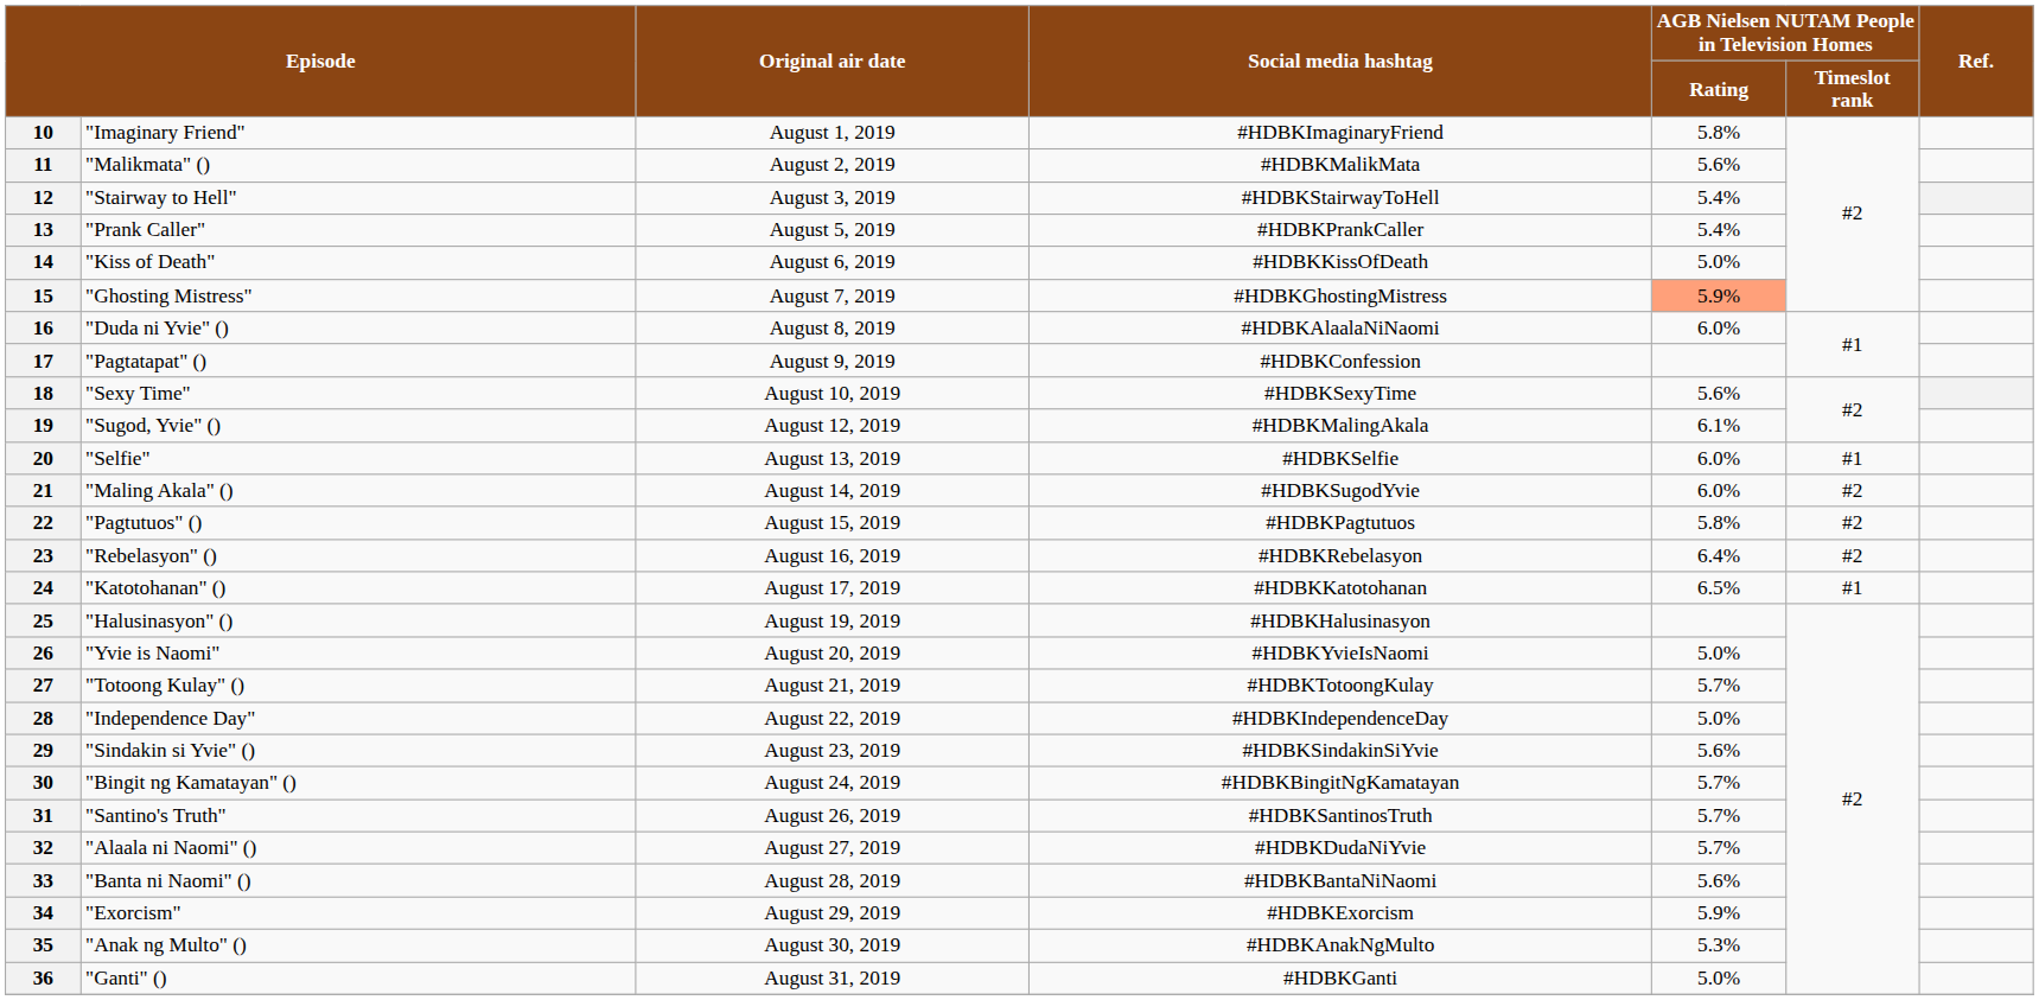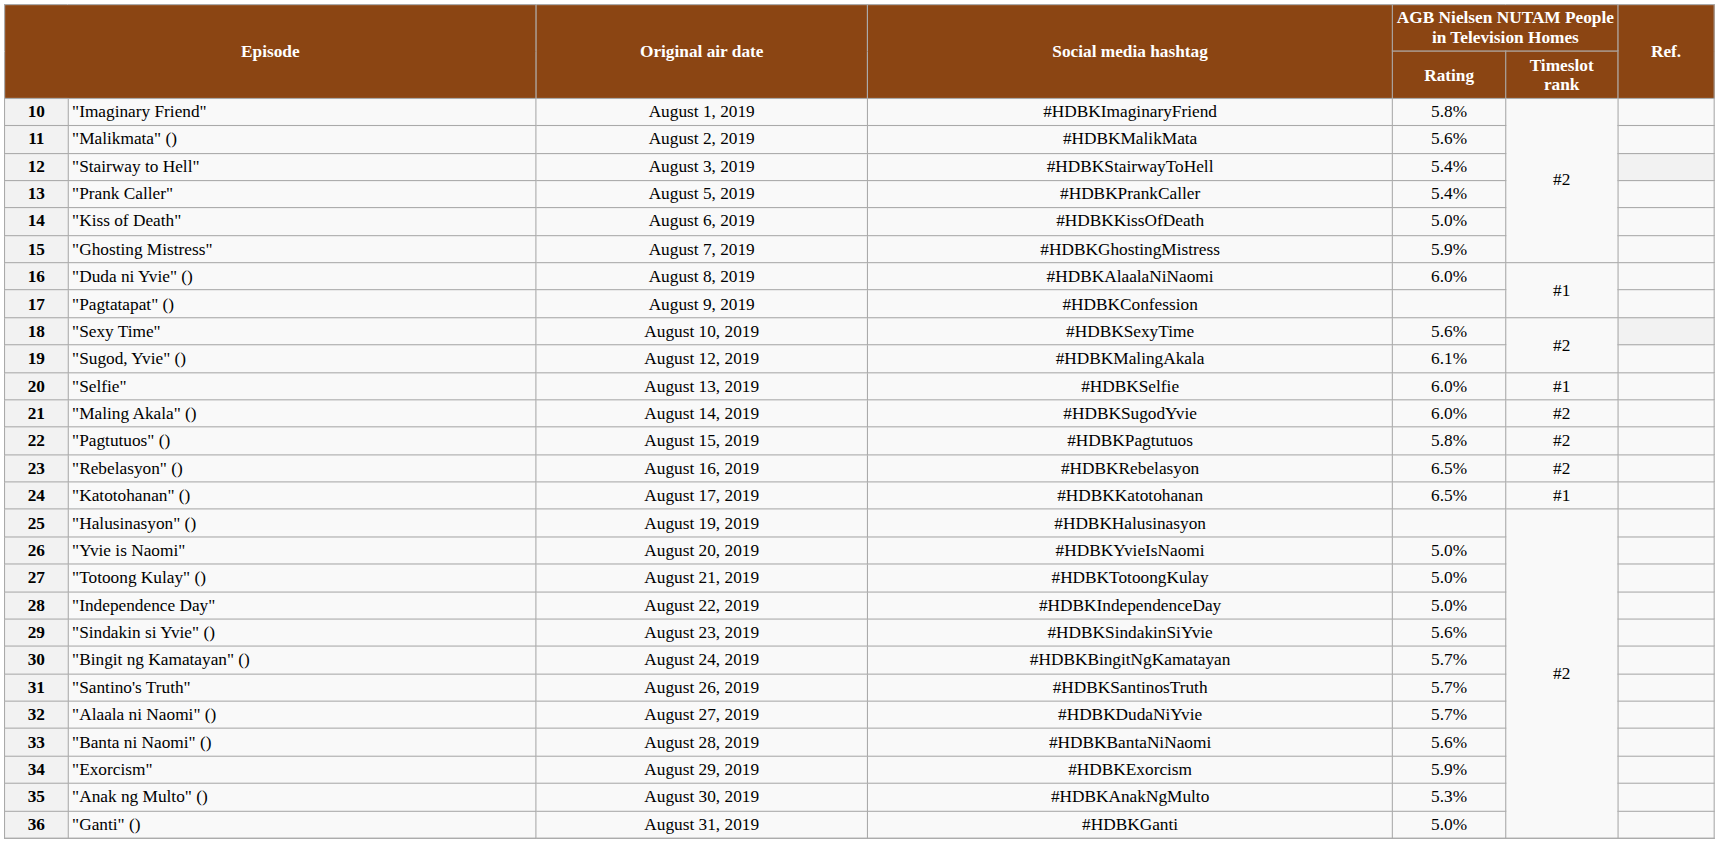 <table class="wikitable" style="text-align:center; font-size:100%; line-height:18px;" width="100%">
 <tr>
 <th style="background-color:#8B4513; color:#ffffff;" colspan="2" rowspan="2">Episode</th>
 <th style="background-color:#8B4513; color:white" rowspan="2">Original air date</th>
 <th style="background-color:#8B4513; color:white" rowspan="2">Social media hashtag</th>
 <th style="background-color:#8B4513; color:#ffffff;" colspan="2">AGB Nielsen NUTAM People in Television Homes</th>
 <th style="background-color:#8B4513; color:#ffffff;" rowspan="2">Ref.</th>
 </tr>
 <tr>
 <th style="background-color:#8B4513; width:75px; color:#ffffff;">Rating</th>
 <th style="background-color:#8B4513; width:75px; color:#ffffff;">Timeslot<br>rank</th>
 </tr>
 <tr>
 <th>10</th>
 <td style="text-align: left;">"Imaginary Friend"</td>
 <td>August 1, 2019</td>
 <td>#HDBKImaginaryFriend</td>
 <td>5.8%</td>
 <td rowspan="6">#2</td>
 <td></td>
 </tr>
 <tr>
 <th>11</th>
 <td style="text-align: left;">"Malikmata" ()</td>
 <td>August 2, 2019</td>
 <td>#HDBKMalikMata</td>
 <td>5.6%</td>
 <td></td>
 </tr>
 <tr>
 <th>12</th>
 <td style="text-align: left;">"Stairway to Hell"</td>
 <td>August 3, 2019</td>
 <td>#HDBKStairwayToHell</td>
 <td>5.4%</td>
 <th></th>
 </tr>
 <tr>
 <th>13</th>
 <td style="text-align: left;">"Prank Caller"</td>
 <td>August 5, 2019</td>
 <td>#HDBKPrankCaller</td>
 <td>5.4%</td>
 <td></td>
 </tr>
 <tr>
 <th>14</th>
 <td style="text-align: left;">"Kiss of Death"</td>
 <td>August 6, 2019</td>
 <td>#HDBKKissOfDeath</td>
 <td>5.0%</td>
 <td></td>
 </tr>
 <tr>
 <th>15</th>
 <td style="text-align: left;">"Ghosting Mistress"</td>
 <td>August 7, 2019</td>
 <td>#HDBKGhostingMistress</td>
-<td style="background: lightsalmon;">5.9%</td>
+<td>5.9%</td>
 <td></td>
 </tr>
 <tr>
 <th>16</th>
 <td style="text-align: left;">"Duda ni Yvie" ()</td>
 <td>August 8, 2019</td>
 <td>#HDBKAlaalaNiNaomi</td>
 <td>6.0%</td>
 <td rowspan="2">#1</td>
 <td></td>
 </tr>
 <tr>
 <th>17</th>
 <td style="text-align: left;">"Pagtatapat" ()</td>
 <td>August 9, 2019</td>
 <td>#HDBKConfession</td>
 <td></td>
 <td></td>
 </tr>
 <tr>
 <th>18</th>
 <td style="text-align: left;">"Sexy Time"</td>
 <td>August 10, 2019</td>
 <td>#HDBKSexyTime</td>
 <td>5.6%</td>
 <td rowspan="2">#2</td>
 <th></th>
 </tr>
 <tr>
 <th>19</th>
 <td style="text-align: left;">"Sugod, Yvie" ()</td>
 <td>August 12, 2019</td>
 <td>#HDBKMalingAkala</td>
 <td>6.1%</td>
 <td></td>
 </tr>
 <tr>
 <th>20</th>
 <td style="text-align: left;">"Selfie"</td>
 <td>August 13, 2019</td>
 <td>#HDBKSelfie</td>
 <td>6.0%</td>
 <td>#1</td>
 <td></td>
 </tr>
 <tr>
 <th>21</th>
 <td style="text-align: left;">"Maling Akala" ()</td>
 <td>August 14, 2019</td>
 <td>#HDBKSugodYvie</td>
 <td>6.0%</td>
 <td>#2</td>
 <td></td>
 </tr>
 <tr>
 <th>22</th>
 <td style="text-align: left;">"Pagtutuos" ()</td>
 <td>August 15, 2019</td>
 <td>#HDBKPagtutuos</td>
 <td>5.8%</td>
 <td>#2</td>
 <td></td>
 </tr>
 <tr>
 <th>23</th>
 <td style="text-align: left;">"Rebelasyon" ()</td>
 <td>August 16, 2019</td>
 <td>#HDBKRebelasyon</td>
-<td>6.4%</td>
+<td>6.5%</td>
 <td>#2</td>
 <td></td>
 </tr>
 <tr>
 <th>24</th>
 <td style="text-align: left;">"Katotohanan" ()</td>
 <td>August 17, 2019</td>
 <td>#HDBKKatotohanan</td>
 <td>6.5%</td>
 <td>#1</td>
 <td></td>
 </tr>
 <tr>
 <th>25</th>
 <td style="text-align: left;">"Halusinasyon" ()</td>
 <td>August 19, 2019</td>
 <td>#HDBKHalusinasyon</td>
 <td></td>
 <td rowspan="12">#2</td>
 <td></td>
 </tr>
 <tr>
 <th>26</th>
 <td style="text-align: left;">"Yvie is Naomi"</td>
 <td>August 20, 2019</td>
 <td>#HDBKYvieIsNaomi</td>
 <td>5.0%</td>
 <td></td>
 </tr>
 <tr>
 <th>27</th>
 <td style="text-align: left;">"Totoong Kulay" ()</td>
 <td>August 21, 2019</td>
 <td>#HDBKTotoongKulay</td>
-<td>5.7%</td>
+<td>5.0%</td>
 <td></td>
 </tr>
 <tr>
 <th>28</th>
 <td style="text-align: left;">"Independence Day"</td>
 <td>August 22, 2019</td>
 <td>#HDBKIndependenceDay</td>
 <td>5.0%</td>
 <td></td>
 </tr>
 <tr>
 <th>29</th>
 <td style="text-align: left;">"Sindakin si Yvie" ()</td>
 <td>August 23, 2019</td>
 <td>#HDBKSindakinSiYvie</td>
 <td>5.6%</td>
 <td></td>
 </tr>
 <tr>
 <th>30</th>
 <td style="text-align: left;">"Bingit ng Kamatayan" ()</td>
 <td>August 24, 2019</td>
 <td>#HDBKBingitNgKamatayan</td>
 <td>5.7%</td>
 <td></td>
 </tr>
 <tr>
 <th>31</th>
 <td style="text-align: left;">"Santino's Truth"</td>
 <td>August 26, 2019</td>
 <td>#HDBKSantinosTruth</td>
 <td>5.7%</td>
 <td></td>
 </tr>
 <tr>
 <th>32</th>
 <td style="text-align: left;">"Alaala ni Naomi" ()</td>
 <td>August 27, 2019</td>
 <td>#HDBKDudaNiYvie</td>
 <td>5.7%</td>
 <td></td>
 </tr>
 <tr>
 <th>33</th>
 <td style="text-align: left;">"Banta ni Naomi" ()</td>
 <td>August 28, 2019</td>
 <td>#HDBKBantaNiNaomi</td>
 <td>5.6%</td>
 <td></td>
 </tr>
 <tr>
 <th>34</th>
 <td style="text-align: left;">"Exorcism"</td>
 <td>August 29, 2019</td>
 <td>#HDBKExorcism</td>
 <td>5.9%</td>
 <td></td>
 </tr>
 <tr>
 <th>35</th>
 <td style="text-align: left;">"Anak ng Multo" ()</td>
 <td>August 30, 2019</td>
 <td>#HDBKAnakNgMulto</td>
 <td>5.3%</td>
 <td></td>
 </tr>
 <tr>
 <th>36</th>
 <td style="text-align: left;">"Ganti" ()</td>
 <td>August 31, 2019</td>
 <td>#HDBKGanti</td>
 <td>5.0%</td>
 <td></td>
 </tr>
 <tr>
 </tr>
 </table>
